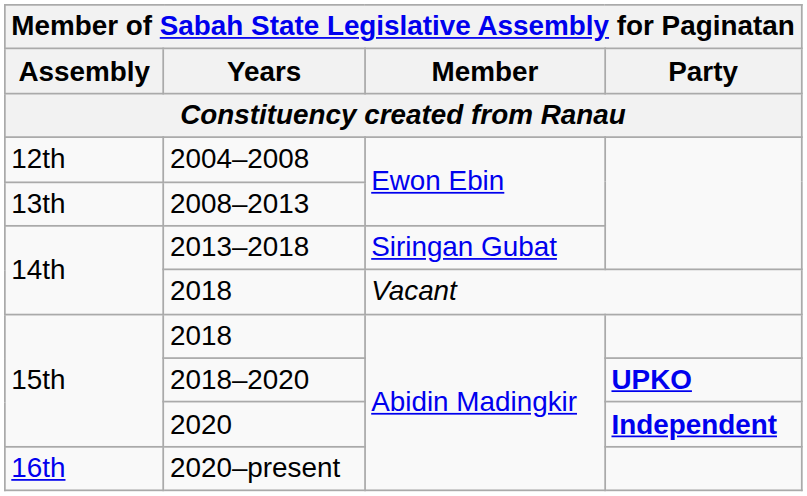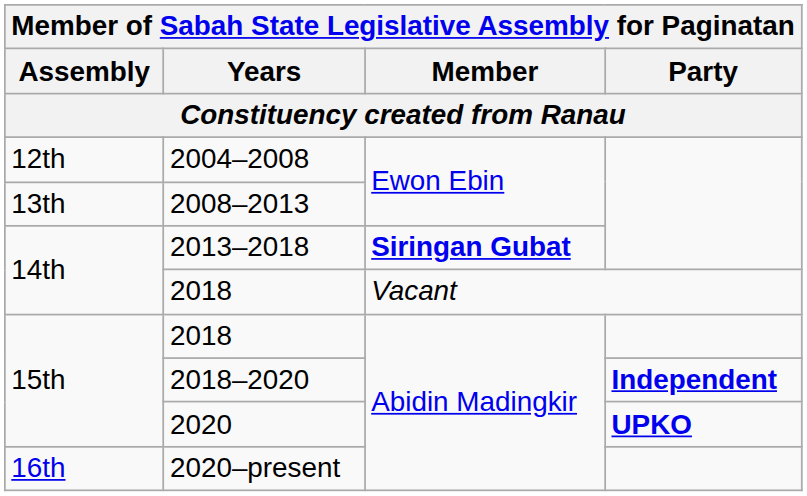 <table class="wikitable">
 <tr>
 <th colspan="4">Member of <a href='#'>Sabah State Legislative Assembly</a> for Paginatan</th>
 </tr>
 <tr>
 <th>Assembly</th>
 <th>Years</th>
 <th>Member</th>
 <th>Party</th>
 </tr>
 <tr>
 <th colspan="4" align="center"><em>Constituency created from Ranau</em></th>
 </tr>
 <tr>
 <td>12th</td>
 <td>2004–2008</td>
 <td rowspan="2"><a href='#'>Ewon Ebin</a></td>
 <td rowspan=3></td>
 </tr>
 <tr>
 <td>13th</td>
 <td>2008–2013</td>
 </tr>
 <tr>
 <td rowspan="2">14th</td>
 <td>2013–2018</td>
-<td><a href='#'>Siringan Gubat</a></td>
+<td><strong><a href='#'>Siringan Gubat</a></strong></td>
 </tr>
 <tr>
 <td>2018</td>
 <td colspan="2"><em>Vacant</em></td>
 </tr>
 <tr>
 <td rowspan="3">15th</td>
 <td>2018</td>
 <td rowspan="4"><a href='#'>Abidin Madingkir</a></td>
 <td></td>
 </tr>
 <tr>
 <td>2018–2020</td>
-<td><strong><a href='#'>UPKO</a></strong></td>
+<td><strong><a href='#'>Independent</a></strong></td>
 </tr>
 <tr>
 <td>2020</td>
-<td><strong><a href='#'>Independent</a></strong></td>
+<td><strong><a href='#'>UPKO</a></strong></td>
 </tr>
 <tr>
 <td><a href='#'>16th</a></td>
 <td>2020–present</td>
 <td></td>
 </tr>
 </table>
